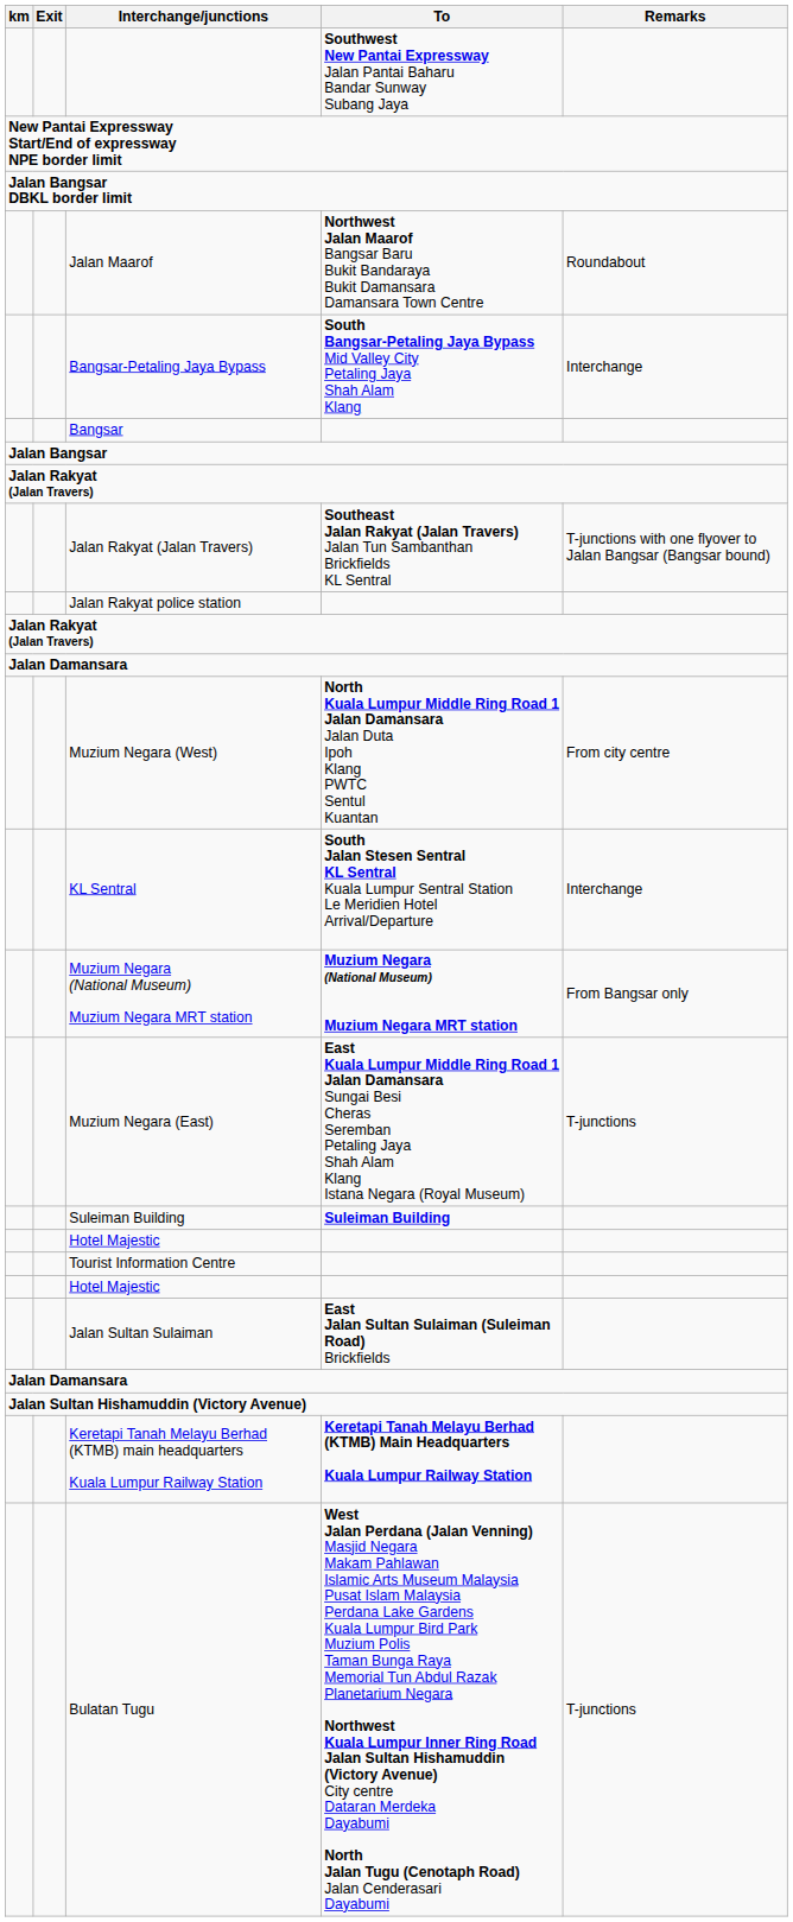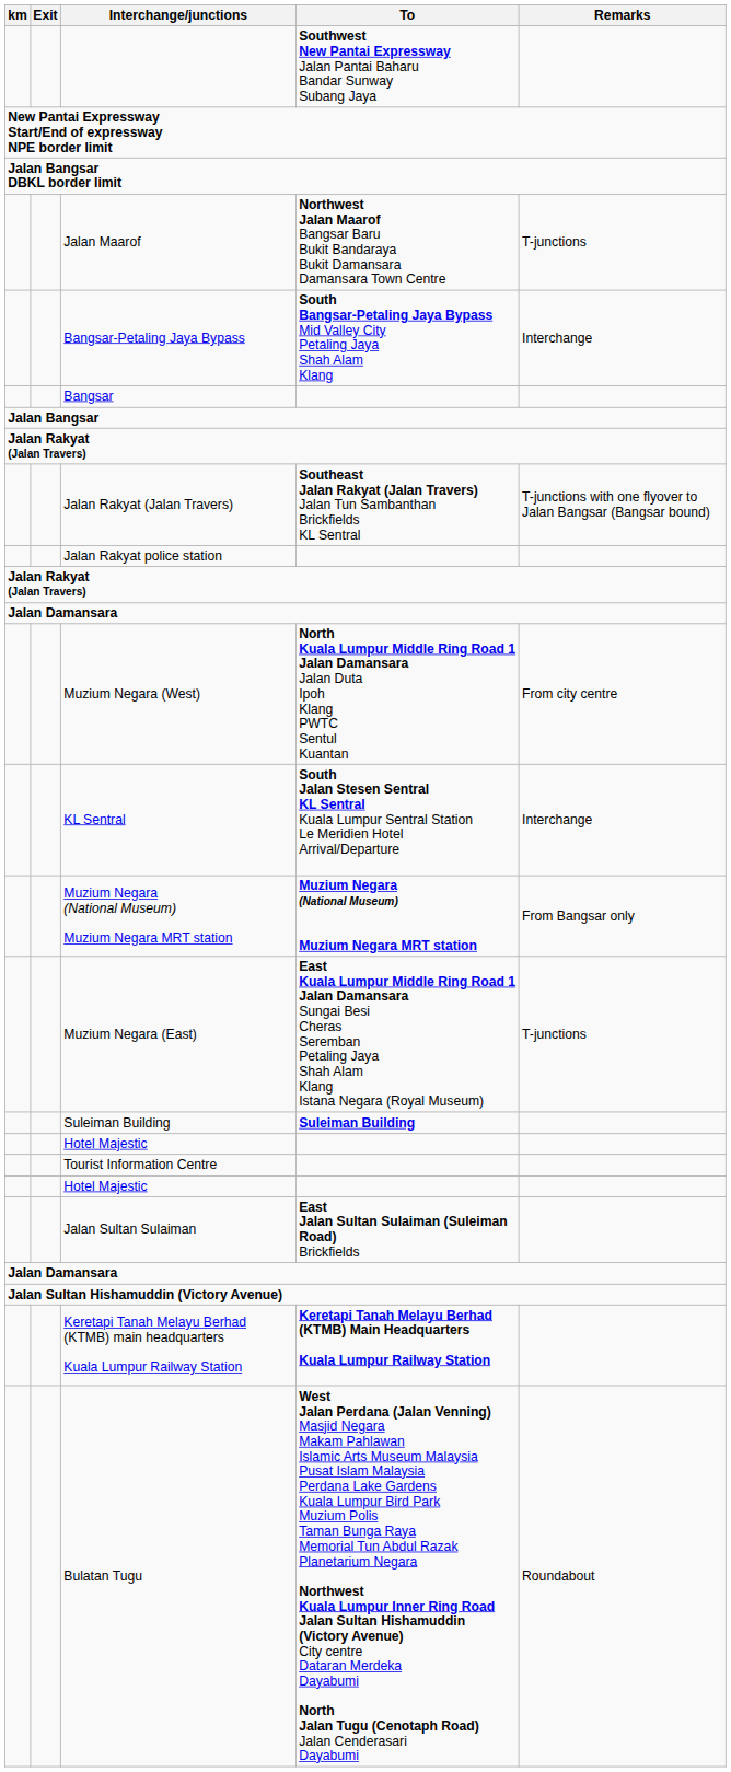 <table class="wikitable">
 <tr>
 <th>km</th>
 <th>Exit</th>
 <th>Interchange/junctions</th>
 <th>To</th>
 <th>Remarks</th>
 </tr>
 <tr>
 <td></td>
 <td></td>
 <td></td>
 <td><strong>Southwest</strong><br> <strong><a href='#'>New Pantai Expressway</a></strong><br>Jalan Pantai Baharu<br>Bandar Sunway<br>Subang Jaya</td>
 <td></td>
 </tr>
 <tr>
 <td style="width:600px" colspan="6" style="text-align:center; background:green;"><strong><span> New Pantai Expressway<br>Start/End of expressway<br>NPE border limit</span></strong></td>
 </tr>
 <tr>
 <td style="width:600px" colspan="6" style="text-align:center; background:blue;"><strong><span>Jalan Bangsar<br>DBKL border limit</span></strong></td>
 </tr>
 <tr>
 <td></td>
 <td></td>
 <td>Jalan Maarof</td>
 <td><strong>Northwest</strong><br><strong>Jalan Maarof</strong><br>Bangsar Baru<br>Bukit Bandaraya<br>Bukit Damansara<br>Damansara Town Centre</td>
-<td>Roundabout</td>
+<td>T-junctions</td>
 </tr>
 <tr>
 <td></td>
 <td></td>
 <td><a href='#'>Bangsar-Petaling Jaya Bypass</a></td>
 <td><strong>South</strong><br><strong><a href='#'>Bangsar-Petaling Jaya Bypass</a></strong><br><a href='#'>Mid Valley City</a><br><a href='#'>Petaling Jaya</a><br><a href='#'>Shah Alam</a><br><a href='#'>Klang</a></td>
 <td>Interchange</td>
 </tr>
 <tr>
 <td></td>
 <td></td>
 <td><a href='#'>Bangsar</a></td>
 <td></td>
 <td></td>
 </tr>
 <tr>
 <td style="width:600px" colspan="6" style="text-align:center; background:blue;"><strong><span>Jalan Bangsar</span></strong></td>
 </tr>
 <tr>
 <td style="width:600px" colspan="6" style="text-align:center; background:blue;"><strong><span>Jalan Rakyat<br><small>(Jalan Travers)</small></span></strong></td>
 </tr>
 <tr>
 <td></td>
 <td></td>
 <td>Jalan Rakyat (Jalan Travers)</td>
 <td><strong>Southeast</strong><br><strong>Jalan Rakyat (Jalan Travers)</strong><br>Jalan Tun Sambanthan<br>Brickfields<br>KL Sentral</td>
 <td>T-junctions with one flyover to Jalan Bangsar (Bangsar bound)</td>
 </tr>
 <tr>
 <td></td>
 <td></td>
 <td>Jalan Rakyat police station</td>
 <td></td>
 <td></td>
 </tr>
 <tr>
 <td style="width:600px" colspan="6" style="text-align:center; background:blue;"><strong><span>Jalan Rakyat<br><small>(Jalan Travers)</small></span></strong></td>
 </tr>
 <tr>
 <td style="width:600px" colspan="6" style="text-align:center; background:blue;"><strong><span>Jalan Damansara</span></strong></td>
 </tr>
 <tr>
 <td></td>
 <td></td>
 <td>Muzium Negara (West)</td>
 <td><strong>North</strong><br><strong><a href='#'>Kuala Lumpur Middle Ring Road 1</a></strong><br><strong>Jalan Damansara</strong><br>Jalan Duta<br>Ipoh<br>Klang<br>PWTC<br>Sentul<br>Kuantan</td>
 <td>From city centre</td>
 </tr>
 <tr>
 <td></td>
 <td></td>
 <td><a href='#'>KL Sentral</a></td>
 <td><strong>South</strong><br><strong>Jalan Stesen Sentral</strong><br> <strong><a href='#'>KL Sentral</a></strong><br>Kuala Lumpur Sentral Station<br>Le Meridien Hotel<br>Arrival/Departure<br> <br>     </td>
 <td>Interchange</td>
 </tr>
 <tr>
 <td></td>
 <td></td>
 <td><a href='#'>Muzium Negara</a><br><em>(National Museum)</em><br><br><a href='#'>Muzium Negara MRT station</a></td>
 <td><strong><a href='#'>Muzium Negara</a></strong><br><small><strong><em>(National Museum)</em></strong></small><br> <br><br><strong><a href='#'>Muzium Negara MRT station</a></strong><br></td>
 <td>From Bangsar only</td>
 </tr>
 <tr>
 <td></td>
 <td></td>
 <td>Muzium Negara (East)</td>
 <td><strong>East</strong><br><strong><a href='#'>Kuala Lumpur Middle Ring Road 1</a></strong><br><strong>Jalan Damansara</strong><br>Sungai Besi<br>Cheras<br>Seremban<br>Petaling Jaya<br>Shah Alam<br>Klang<br>Istana Negara (Royal Museum)</td>
 <td>T-junctions</td>
 </tr>
 <tr>
 <td></td>
 <td></td>
 <td>Suleiman Building</td>
 <td><strong><a href='#'>Suleiman Building</a></strong></td>
 <td></td>
 </tr>
 <tr>
 <td></td>
 <td></td>
 <td><a href='#'>Hotel Majestic</a></td>
 <td></td>
 <td></td>
 </tr>
 <tr>
 <td></td>
 <td></td>
 <td> Tourist Information Centre</td>
 <td></td>
 <td></td>
 </tr>
 <tr>
 <td></td>
 <td></td>
 <td><a href='#'>Hotel Majestic</a></td>
 <td></td>
 <td></td>
 </tr>
 <tr>
 <td></td>
 <td></td>
 <td>Jalan Sultan Sulaiman</td>
 <td><strong>East</strong><br><strong>Jalan Sultan Sulaiman (Suleiman Road)</strong><br>Brickfields</td>
 <td></td>
 </tr>
 <tr>
 <td style="width:600px" colspan="6" style="text-align:center; background:blue;"><strong><span>Jalan Damansara</span></strong></td>
 </tr>
 <tr>
 <td style="width:600px" colspan="6" style="text-align:center; background:blue;"><strong><span>Jalan Sultan Hishamuddin (Victory Avenue)</span></strong></td>
 </tr>
 <tr>
 <td></td>
 <td></td>
 <td><a href='#'>Keretapi Tanah Melayu Berhad</a> (KTMB) main headquarters<br><br> <a href='#'>Kuala Lumpur Railway Station</a></td>
 <td><strong><a href='#'>Keretapi Tanah Melayu Berhad</a> (KTMB) Main Headquarters</strong><br><br><strong><a href='#'>Kuala Lumpur Railway Station</a></strong><br><br></td>
 <td></td>
 </tr>
 <tr>
 <td></td>
 <td></td>
 <td>Bulatan Tugu</td>
 <td><strong>West</strong><br><strong>Jalan Perdana (Jalan Venning)</strong><br><a href='#'>Masjid Negara</a><br><a href='#'>Makam Pahlawan</a><br><a href='#'>Islamic Arts Museum Malaysia</a><br><a href='#'>Pusat Islam Malaysia</a><br><a href='#'>Perdana Lake Gardens</a><br><a href='#'>Kuala Lumpur Bird Park</a><br><a href='#'>Muzium Polis</a><br><a href='#'>Taman Bunga Raya</a><br><a href='#'>Memorial Tun Abdul Razak</a><br><a href='#'>Planetarium Negara</a><br><br><strong>Northwest</strong><br><strong><a href='#'>Kuala Lumpur Inner Ring Road</a></strong><br><strong>Jalan Sultan Hishamuddin (Victory Avenue)</strong><br>City centre<br><a href='#'>Dataran Merdeka</a><br><a href='#'>Dayabumi</a><br><br><strong>North</strong><br><strong>Jalan Tugu (Cenotaph Road)</strong><br>Jalan Cenderasari<br> <a href='#'>Dayabumi</a></td>
-<td>T-junctions</td>
+<td>Roundabout</td>
 </tr>
 </table>
